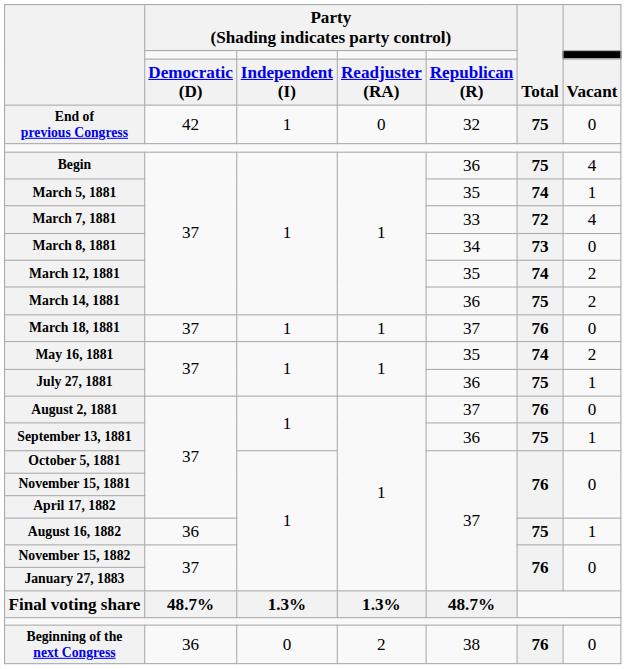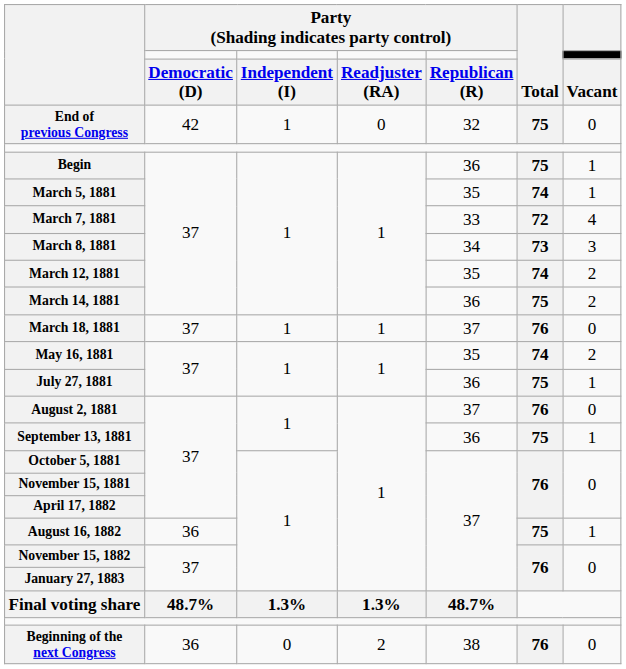 <table class=wikitable style="text-align:center">
 <tr style="vertical-align:bottom;">
 <th rowspan=3></th>
 <th colspan=4>Party <div>(Shading indicates party control)</div></th>
 <th rowspan=3>Total</th>
 <th></th>
 </tr>
 <tr style="height:5px">
 <td style="background-color:"></td>
 <td style="background-color:"></td>
 <td style="background-color:"></td>
 <td style="background-color:"></td>
 <td style="background-color:black"></td>
 </tr>
 <tr valign= bottom>
 <th><a href='#'>Democratic</a><br>(D)</th>
 <th><a href='#'>Independent</a><br>(I)</th>
 <th><a href='#'>Readjuster</a><br>(RA)</th>
 <th><a href='#'>Republican</a><br>(R)</th>
 <th>Vacant</th>
 </tr>
 <tr>
 <th nowrap style="font-size:80%">End of<br><a href='#'>previous Congress</a></th>
 <td>42</td>
 <td>1</td>
 <td>0</td>
 <td>32</td>
 <th>75</th>
 <td>0</td>
 </tr>
 <tr>
 <td colspan=8></td>
 </tr>
 <tr>
 <th nowrap style="font-size:80%">Begin</th>
 <td rowspan=6 >37</td>
 <td rowspan=6 >1</td>
 <td rowspan=6>1</td>
 <td>36</td>
 <th>75</th>
-<td>4</td>
+<td>1</td>
 </tr>
 <tr>
 <th nowrap style="font-size:80%">March 5, 1881</th>
 <td>35</td>
 <th>74</th>
 <td>1</td>
 </tr>
 <tr>
 <th nowrap style="font-size:80%">March 7, 1881</th>
 <td>33</td>
 <th>72</th>
 <td>4</td>
 </tr>
 <tr>
 <th nowrap style="font-size:80%">March 8, 1881</th>
 <td>34</td>
 <th>73</th>
-<td>0</td>
+<td>3</td>
 </tr>
 <tr>
 <th nowrap style="font-size:80%">March 12, 1881</th>
 <td>35</td>
 <th>74</th>
 <td>2</td>
 </tr>
 <tr>
 <th nowrap style="font-size:80%">March 14, 1881</th>
 <td>36</td>
 <th>75</th>
 <td>2</td>
 </tr>
 <tr>
 <th nowrap style="font-size:80%">March 18, 1881</th>
 <td>37</td>
 <td>1</td>
 <td>1</td>
 <td>37</td>
 <th>76</th>
 <td>0</td>
 </tr>
 <tr>
 <th nowrap style="font-size:80%">May 16, 1881</th>
 <td rowspan=2 >37</td>
 <td rowspan=2 >1</td>
 <td rowspan=2>1</td>
 <td>35</td>
 <th>74</th>
 <td>2</td>
 </tr>
 <tr>
 <th nowrap style="font-size:80%">July 27, 1881</th>
 <td>36</td>
 <th>75</th>
 <td>1</td>
 </tr>
 <tr>
 <th nowrap style="font-size:80%">August 2, 1881</th>
 <td rowspan=5>37</td>
 <td rowspan=2>1</td>
 <td rowspan=8 >1</td>
 <td>37</td>
 <th>76</th>
 <td>0</td>
 </tr>
 <tr>
 <th nowrap style="font-size:80%">September 13, 1881</th>
 <td>36</td>
 <th>75</th>
 <td>1</td>
 </tr>
 <tr>
 <th nowrap style="font-size:80%">October 5, 1881</th>
 <td rowspan=6 >1</td>
 <td rowspan=6 >37</td>
 <th rowspan=3>76</th>
 <td rowspan=3>0</td>
 </tr>
 <tr>
 <th nowrap style="font-size:80%">November 15, 1881</th>
 </tr>
 <tr>
 <th nowrap style="font-size:80%">April 17, 1882</th>
 </tr>
 <tr>
 <th nowrap style="font-size:80%">August 16, 1882</th>
 <td>36</td>
 <th>75</th>
 <td>1</td>
 </tr>
 <tr>
 <th nowrap style="font-size:80%">November 15, 1882</th>
 <td rowspan=2>37</td>
 <th rowspan=2>76</th>
 <td rowspan=2>0</td>
 </tr>
 <tr>
 <th nowrap style="font-size:80%">January 27, 1883</th>
 </tr>
 <tr>
 <th>Final voting share</th>
 <th>48.7%</th>
 <th>1.3%</th>
 <th>1.3%</th>
 <th>48.7%</th>
 <td colspan=3></td>
 </tr>
 <tr>
 <td colspan=8></td>
 </tr>
 <tr>
 <th nowrap style="font-size:80%">Beginning of the<br><a href='#'>next Congress</a></th>
 <td>36</td>
 <td>0</td>
 <td>2</td>
 <td>38</td>
 <th>76</th>
 <td>0</td>
 </tr>
 </table>
